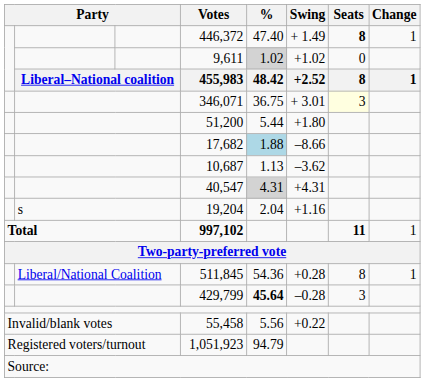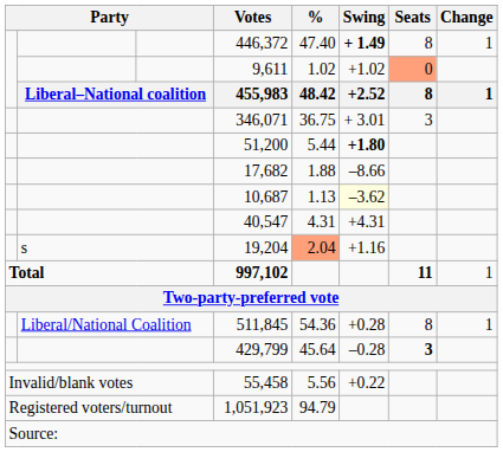 <table class="wikitable">
 <tr>
 <th colspan="3" style="width:200px">Party</th>
 <th style="width:70px; text-align:center;">Votes</th>
 <th style="width:40px; text-align:center;">%</th>
 <th style="width:40px; text-align:center;">Swing</th>
 <th style="width:40px; text-align:center;">Seats</th>
 <th style="width:40px; text-align:center;">Change</th>
 </tr>
 <tr>
 <td rowspan=3></td>
 <td> </td>
 <td></td>
 <td align=right>446,372</td>
 <td align=right>47.40</td>
-<td align=right>+ 1.49</td>
-<td align=right><strong>8</strong></td>
+<td align=right><strong>+ 1.49</strong></td>
+<td align=right>8</td>
 <td align=right> 1</td>
 </tr>
 <tr>
 <td> </td>
 <td></td>
 <td align=right>9,611</td>
-<td align=right style="background: lightgrey;">1.02</td>
+<td align=right>1.02</td>
 <td align=right>+1.02</td>
-<td align=right>0</td>
+<td align=right style="background: lightsalmon;">0</td>
 <td align=right></td>
 </tr>
 <tr>
 <th colspan="2"><a href='#'>Liberal–National coalition</a></th>
 <th style="text-align:right;">455,983</th>
 <th style="text-align:right;">48.42</th>
 <th style="text-align:right;">+2.52</th>
 <th style="text-align:right;">8</th>
 <th style="text-align:right;"> 1</th>
 </tr>
 <tr>
 <td> </td>
 <td colspan="2"></td>
 <td align="right">346,071</td>
 <td align="right">36.75</td>
 <td align="right">+ 3.01</td>
-<td align="right" style="background: lightyellow;">3</td>
+<td align="right">3</td>
 <td align="right"></td>
 </tr>
 <tr>
 <td> </td>
 <td colspan="2"></td>
 <td align="right">51,200</td>
 <td align="right">5.44</td>
-<td align="right">+1.80</td>
+<td align="right"><strong>+1.80</strong></td>
 <td align="right"></td>
 <td align="right"></td>
 </tr>
 <tr>
 <td> </td>
 <td colspan="2"></td>
 <td align="right">17,682</td>
-<td align="right" style="background: lightblue;">1.88</td>
+<td align="right">1.88</td>
 <td align="right">–8.66</td>
 <td align="right"></td>
 <td align="right"></td>
 </tr>
 <tr>
 <td> </td>
 <td colspan="2"></td>
 <td align="right">10,687</td>
 <td align="right">1.13</td>
-<td align="right">–3.62</td>
+<td align="right" style="background: lightyellow;">–3.62</td>
 <td align="right"></td>
 <td align="right"></td>
 </tr>
 <tr>
 <td> </td>
 <td colspan="2"></td>
 <td align="right">40,547</td>
-<td align="right" style="background: lightgrey;">4.31</td>
+<td align="right">4.31</td>
 <td align="right">+4.31</td>
 <td align="right"></td>
 <td align="right"></td>
 </tr>
 <tr>
 <td> </td>
 <td colspan="2">s</td>
 <td align="right">19,204</td>
-<td align="right">2.04</td>
+<td align="right" style="background: lightsalmon;">2.04</td>
 <td align="right">+1.16</td>
 <td align="right"></td>
 <td align="right"></td>
 </tr>
 <tr>
 <td colspan="3" align="left"><strong>Total</strong></td>
 <td align="right"><strong>997,102</strong></td>
 <td align="right"></td>
 <td></td>
 <td align="right"><strong>11</strong></td>
 <td align="right"> 1</td>
 </tr>
 <tr>
 <th colspan="8"><a href='#'>Two-party-preferred vote</a></th>
 </tr>
 <tr>
 <td> </td>
 <td colspan="2" align="left"><a href='#'>Liberal/National Coalition</a></td>
 <td align="right">511,845</td>
 <td align="right">54.36</td>
 <td align="right">+0.28</td>
 <td align="right">8</td>
 <td align="right"> 1</td>
 </tr>
 <tr>
 <td> </td>
 <td colspan="2" align="left"></td>
 <td align="right">429,799</td>
-<td align="right"><strong>45.64</strong></td>
+<td align="right">45.64</td>
 <td align="right">–0.28</td>
-<td align="right">3</td>
+<td align="right"><strong>3</strong></td>
 <td align="right"></td>
 </tr>
 <tr>
 <td colspan="8"></td>
 </tr>
 <tr>
 <td colspan=3 align="left">Invalid/blank votes</td>
 <td align="right">55,458</td>
 <td align="right">5.56</td>
 <td align="right">+0.22</td>
 <td></td>
 <td></td>
 </tr>
 <tr>
 <td colspan="3" align="left">Registered voters/turnout</td>
 <td align="right">1,051,923</td>
 <td align="right">94.79</td>
 <td></td>
 <td></td>
 <td></td>
 </tr>
 <tr>
 <td colspan="8" align="left">Source: </td>
 </tr>
 </table>
